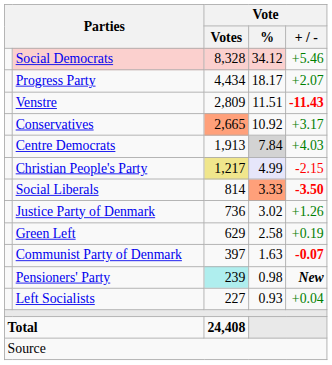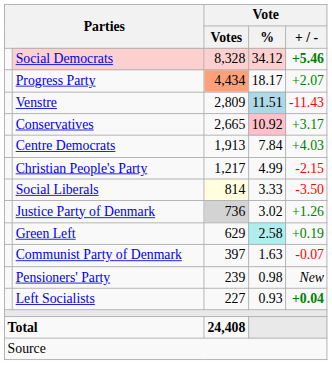 <table class="wikitable" style="text-align:right;">
 <tr>
 <th style="text-align:centre;" rowspan="2" colspan="2" width="225">Parties</th>
 <th colspan="3">Vote</th>
 </tr>
 <tr>
 <th width="15">Votes</th>
 <th width="15">%</th>
 <th width="15">+ / -</th>
 </tr>
 <tr>
 <td width="2" style="color:inherit;background:"></td>
 <td bgcolor=#fbd0ce  align="left"><a href='#'>Social Democrats</a></td>
 <td bgcolor=#fbd0ce>8,328</td>
 <td bgcolor=#fbd0ce>34.12</td>
-<td style=color:green;>+5.46</td>
+<td style=color:green;><strong>+5.46</strong></td>
 </tr>
 <tr>
 <td width="2" style="color:inherit;background:"></td>
 <td align="left"><a href='#'>Progress Party</a></td>
-<td>4,434</td>
+<td style="background: lightsalmon;">4,434</td>
 <td>18.17</td>
 <td style=color:green;>+2.07</td>
 </tr>
 <tr>
 <td width="2" style="color:inherit;background:"></td>
 <td align="left"><a href='#'>Venstre</a></td>
 <td>2,809</td>
-<td>11.51</td>
-<td style=color:red;><strong>-11.43</strong></td>
+<td style="background: lightblue;">11.51</td>
+<td style=color:red;>-11.43</td>
 </tr>
 <tr>
 <td width="2" style="color:inherit;background:"></td>
 <td align="left"><a href='#'>Conservatives</a></td>
-<td style="background: lightsalmon;">2,665</td>
-<td>10.92</td>
+<td>2,665</td>
+<td style="background: pink;">10.92</td>
 <td style=color:green;>+3.17</td>
 </tr>
 <tr>
 <td width="2" style="color:inherit;background:"></td>
 <td align="left"><a href='#'>Centre Democrats</a></td>
 <td>1,913</td>
-<td style="background: lightgrey;">7.84</td>
+<td>7.84</td>
 <td style=color:green;>+4.03</td>
 </tr>
 <tr>
 <td width="2" style="color:inherit;background:"></td>
 <td align="left"><a href='#'>Christian People's Party</a></td>
-<td style="background: khaki;">1,217</td>
-<td style="background: lavender;">4.99</td>
+<td>1,217</td>
+<td>4.99</td>
 <td style=color:red;>-2.15</td>
 </tr>
 <tr>
 <td width="2" style="color:inherit;background:"></td>
 <td align="left"><a href='#'>Social Liberals</a></td>
-<td>814</td>
-<td style="background: lightsalmon;">3.33</td>
-<td style=color:red;><strong>-3.50</strong></td>
+<td style="background: lightyellow;">814</td>
+<td>3.33</td>
+<td style=color:red;>-3.50</td>
 </tr>
 <tr>
 <td width="2" style="color:inherit;background:"></td>
 <td align="left"><a href='#'>Justice Party of Denmark</a></td>
-<td>736</td>
+<td style="background: lightgrey;">736</td>
 <td>3.02</td>
 <td style=color:green;>+1.26</td>
 </tr>
 <tr>
 <td width="2" style="color:inherit;background:"></td>
 <td align="left"><a href='#'>Green Left</a></td>
 <td>629</td>
-<td>2.58</td>
+<td style="background: paleturquoise;">2.58</td>
 <td style=color:green;>+0.19</td>
 </tr>
 <tr>
 <td width="2" style="color:inherit;background:"></td>
 <td align="left"><a href='#'>Communist Party of Denmark</a></td>
 <td>397</td>
 <td>1.63</td>
-<td style=color:red;><strong>-0.07</strong></td>
+<td style=color:red;>-0.07</td>
 </tr>
 <tr>
 <td width="2" style="color:inherit;background:"></td>
 <td align="left"><a href='#'>Pensioners' Party</a></td>
-<td style="background: paleturquoise;">239</td>
+<td>239</td>
 <td>0.98</td>
-<td><strong><em>New</em></strong></td>
+<td><em>New</em></td>
 </tr>
 <tr>
 <td width="2" style="color:inherit;background:"></td>
 <td align="left"><a href='#'>Left Socialists</a></td>
 <td>227</td>
 <td>0.93</td>
-<td style=color:green;>+0.04</td>
+<td style=color:green;><strong>+0.04</strong></td>
 </tr>
 <tr>
 <td colspan="7" bgcolor="#E9E9E9"></td>
 </tr>
 <tr>
 <td align="left" colspan="2"><strong>Total</strong></td>
 <td><strong>24,408</strong></td>
 <td bgcolor="#E9E9E9" colspan="2"></td>
 </tr>
 <tr>
 <td align="left" colspan="6">Source</td>
 </tr>
 </table>
